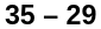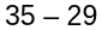 <table style="text-align:center">
 <tr>
 <th width=200></th>
 <th width=100></th>
 <th width=200></th>
 </tr>
 <tr>
 <td align=right><strong></strong></td>
-<td><strong>35 – 29</strong></td>
+<td>35 – 29</td>
 <td align=left></td>
 </tr>
 </table>
